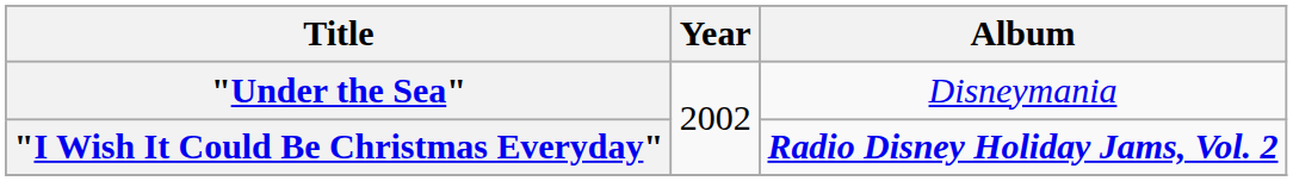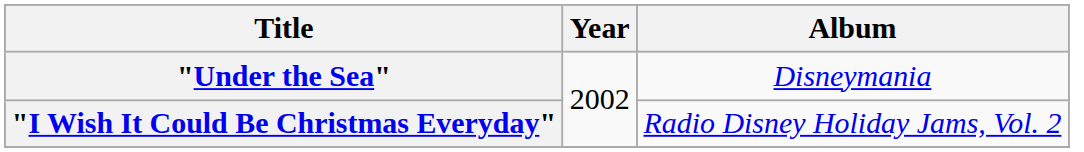 <table class="wikitable plainrowheaders" style="text-align:center;">
 <tr>
 <th>Title</th>
 <th>Year</th>
 <th>Album</th>
 </tr>
 <tr>
 <th scope = "row">"<a href='#'>Under the Sea</a>"</th>
 <td rowspan="2">2002</td>
 <td><em><a href='#'>Disneymania</a></em></td>
 </tr>
 <tr>
 <th scope = "row">"<a href='#'>I Wish It Could Be Christmas Everyday</a>"</th>
-<td><strong><em><a href='#'>Radio Disney Holiday Jams, Vol. 2</a></em></strong></td>
+<td><em><a href='#'>Radio Disney Holiday Jams, Vol. 2</a></em></td>
 </tr>
 <tr>
 </tr>
 </table>
